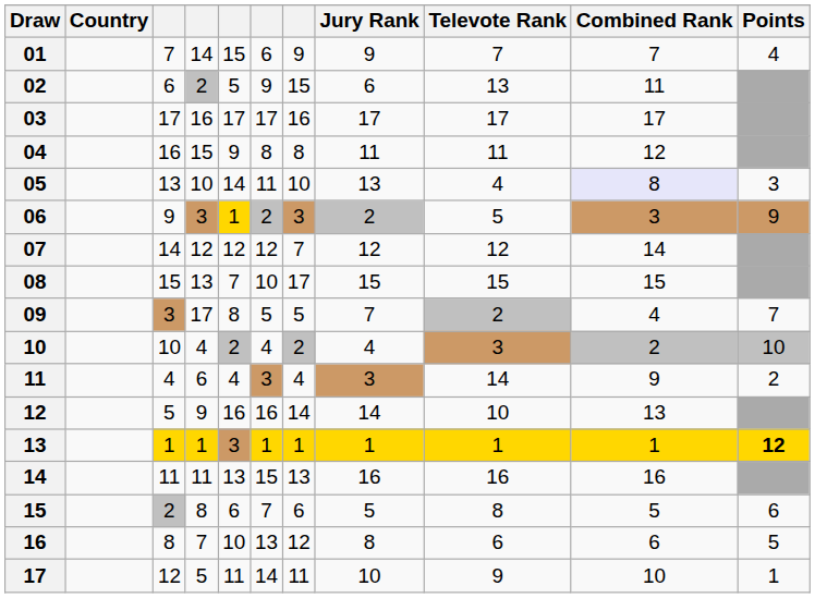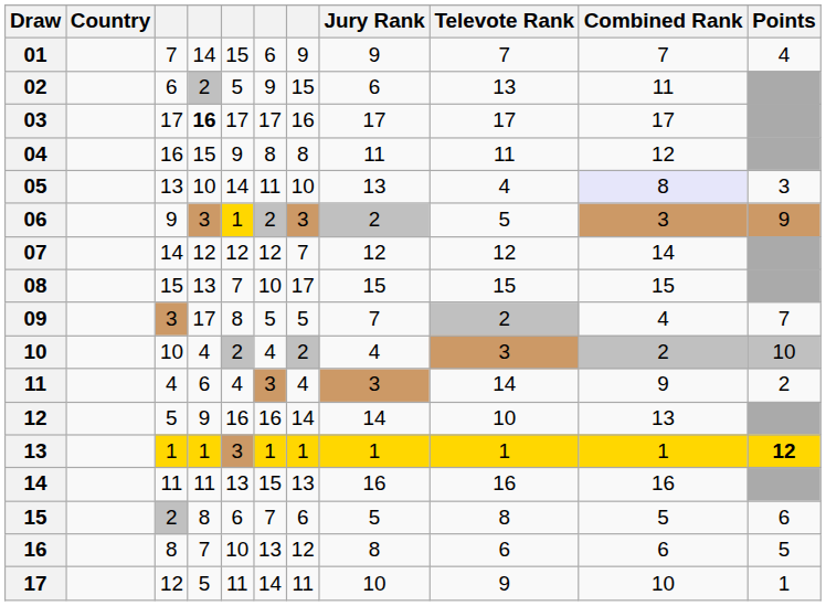 <table class="sortable wikitable collapsible plainrowheaders" style="text-align:center;">
 <tr>
 </tr>
 <tr>
 <th scope="col">Draw</th>
 <th scope="col">Country</th>
 <th scope="col"><small></small></th>
 <th scope="col"><small></small></th>
 <th scope="col"><small></small></th>
 <th scope="col"><small></small></th>
 <th scope="col"><small></small></th>
 <th scope="col">Jury Rank</th>
 <th scope="col">Televote Rank</th>
 <th scope="col">Combined Rank</th>
 <th scope="col">Points</th>
 </tr>
 <tr>
 <th scope="row" style="text-align:center;">01</th>
 <td style="text-align:left;"></td>
 <td>7</td>
 <td>14</td>
 <td>15</td>
 <td>6</td>
 <td>9</td>
 <td>9</td>
 <td>7</td>
 <td>7</td>
 <td>4</td>
 </tr>
 <tr>
 <th scope="row" style="text-align:center;">02</th>
 <td style="text-align:left;"></td>
 <td>6</td>
 <td style="background:silver;">2</td>
 <td>5</td>
 <td>9</td>
 <td>15</td>
 <td>6</td>
 <td>13</td>
 <td>11</td>
 <td style="background:#AAAAAA;"></td>
 </tr>
 <tr>
 <th scope="row" style="text-align:center;">03</th>
 <td style="text-align:left;"></td>
 <td>17</td>
-<td>16</td>
+<td><strong>16</strong></td>
 <td>17</td>
 <td>17</td>
 <td>16</td>
 <td>17</td>
 <td>17</td>
 <td>17</td>
 <td style="background:#AAAAAA;"></td>
 </tr>
 <tr>
 <th scope="row" style="text-align:center;">04</th>
 <td style="text-align:left;"></td>
 <td>16</td>
 <td>15</td>
 <td>9</td>
 <td>8</td>
 <td>8</td>
 <td>11</td>
 <td>11</td>
 <td>12</td>
 <td style="background:#AAAAAA;"></td>
 </tr>
 <tr>
 <th scope="row" style="text-align:center;">05</th>
 <td style="text-align:left;"></td>
 <td>13</td>
 <td>10</td>
 <td>14</td>
 <td>11</td>
 <td>10</td>
 <td>13</td>
 <td>4</td>
 <td style="background: lavender;">8</td>
 <td>3</td>
 </tr>
 <tr>
 <th scope="row" style="text-align:center;">06</th>
 <td style="text-align:left;"></td>
 <td>9</td>
 <td style="background:#CC9966;">3</td>
 <td style="background:gold;">1</td>
 <td style="background:silver;">2</td>
 <td style="background:#CC9966;">3</td>
 <td style="background:silver;">2</td>
 <td>5</td>
 <td style="background:#CC9966;">3</td>
 <td style="background:#CC9966;">9</td>
 </tr>
 <tr>
 <th scope="row" style="text-align:center;">07</th>
 <td style="text-align:left;"></td>
 <td>14</td>
 <td>12</td>
 <td>12</td>
 <td>12</td>
 <td>7</td>
 <td>12</td>
 <td>12</td>
 <td>14</td>
 <td style="background:#AAAAAA;"></td>
 </tr>
 <tr>
 <th scope="row" style="text-align:center;">08</th>
 <td style="text-align:left;"></td>
 <td>15</td>
 <td>13</td>
 <td>7</td>
 <td>10</td>
 <td>17</td>
 <td>15</td>
 <td>15</td>
 <td>15</td>
 <td style="background:#AAAAAA;"></td>
 </tr>
 <tr>
 <th scope="row" style="text-align:center;">09</th>
 <td style="text-align:left;"></td>
 <td style="background:#CC9966;">3</td>
 <td>17</td>
 <td>8</td>
 <td>5</td>
 <td>5</td>
 <td>7</td>
 <td style="background:silver;">2</td>
 <td>4</td>
 <td>7</td>
 </tr>
 <tr>
 <th scope="row" style="text-align:center;">10</th>
 <td style="text-align:left;"></td>
 <td>10</td>
 <td>4</td>
 <td style="background:silver;">2</td>
 <td>4</td>
 <td style="background:silver;">2</td>
 <td>4</td>
 <td style="background:#CC9966;">3</td>
 <td style="background:silver;">2</td>
 <td style="background:silver;">10</td>
 </tr>
 <tr>
 <th scope="row" style="text-align:center;">11</th>
 <td style="text-align:left;"></td>
 <td>4</td>
 <td>6</td>
 <td>4</td>
 <td style="background:#CC9966;">3</td>
 <td>4</td>
 <td style="background:#CC9966;">3</td>
 <td>14</td>
 <td>9</td>
 <td>2</td>
 </tr>
 <tr>
 <th scope="row" style="text-align:center;">12</th>
 <td style="text-align:left;"></td>
 <td>5</td>
 <td>9</td>
 <td>16</td>
 <td>16</td>
 <td>14</td>
 <td>14</td>
 <td>10</td>
 <td>13</td>
 <td style="background:#AAAAAA;"></td>
 </tr>
 <tr>
 <th scope="row" style="text-align:center;">13</th>
 <td style="text-align:left;"></td>
 <td style="background:gold;">1</td>
 <td style="background:gold;">1</td>
 <td style="background:#CC9966;">3</td>
 <td style="background:gold;">1</td>
 <td style="background:gold;">1</td>
 <td style="background:gold;">1</td>
 <td style="background:gold;">1</td>
 <td style="background:gold;">1</td>
 <td style="background:gold;"><strong>12</strong></td>
 </tr>
 <tr>
 <th scope="row" style="text-align:center;">14</th>
 <td style="text-align:left;"></td>
 <td>11</td>
 <td>11</td>
 <td>13</td>
 <td>15</td>
 <td>13</td>
 <td>16</td>
 <td>16</td>
 <td>16</td>
 <td style="background:#AAAAAA;"></td>
 </tr>
 <tr>
 <th scope="row" style="text-align:center;">15</th>
 <td style="text-align:left;"></td>
 <td style="background:silver;">2</td>
 <td>8</td>
 <td>6</td>
 <td>7</td>
 <td>6</td>
 <td>5</td>
 <td>8</td>
 <td>5</td>
 <td>6</td>
 </tr>
 <tr>
 <th scope="row" style="text-align:center;">16</th>
 <td style="text-align:left;"></td>
 <td>8</td>
 <td>7</td>
 <td>10</td>
 <td>13</td>
 <td>12</td>
 <td>8</td>
 <td>6</td>
 <td>6</td>
 <td>5</td>
 </tr>
 <tr>
 <th scope="row" style="text-align:center;">17</th>
 <td style="text-align:left;"></td>
 <td>12</td>
 <td>5</td>
 <td>11</td>
 <td>14</td>
 <td>11</td>
 <td>10</td>
 <td>9</td>
 <td>10</td>
 <td>1</td>
 </tr>
 </table>
